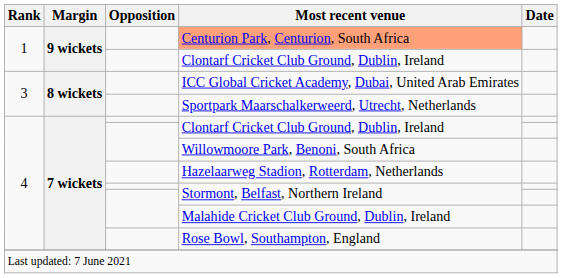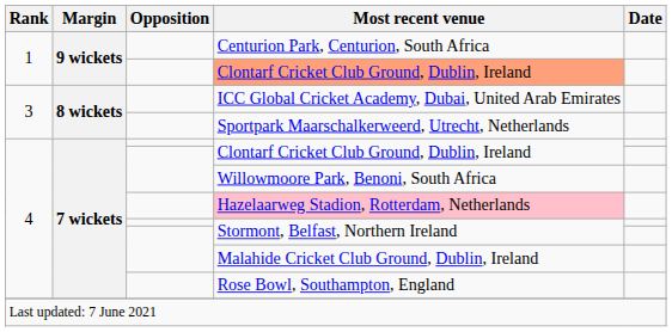 <table class="wikitable plainrowheaders sortable">
 <tr>
 <th scope=col>Rank</th>
 <th scope=col>Margin</th>
 <th scope=col>Opposition</th>
 <th scope=col>Most recent venue</th>
 <th scope=col>Date</th>
 </tr>
 <tr>
 <td align=center rowspan=2>1</td>
 <th scope=row style=text-align:center rowspan=2>9 wickets</th>
 <td></td>
-<td style="background: lightsalmon;"><a href='#'>Centurion Park</a>, <a href='#'>Centurion</a>, South Africa</td>
+<td><a href='#'>Centurion Park</a>, <a href='#'>Centurion</a>, South Africa</td>
 <td></td>
 </tr>
 <tr>
 <td></td>
-<td><a href='#'>Clontarf Cricket Club Ground</a>, <a href='#'>Dublin</a>, Ireland</td>
+<td style="background: lightsalmon;"><a href='#'>Clontarf Cricket Club Ground</a>, <a href='#'>Dublin</a>, Ireland</td>
 <td></td>
 </tr>
 <tr>
 <td align=center rowspan=2>3</td>
 <th scope=row style=text-align:center rowspan=2>8 wickets</th>
 <td></td>
 <td><a href='#'>ICC Global Cricket Academy</a>, <a href='#'>Dubai</a>, United Arab Emirates</td>
 <td></td>
 </tr>
 <tr>
 <td></td>
 <td><a href='#'>Sportpark Maarschalkerweerd</a>, <a href='#'>Utrecht</a>, Netherlands</td>
 <td></td>
 </tr>
 <tr>
 <td align=center rowspan=8>4</td>
 <th scope=row style=text-align:center rowspan=8>7 wickets</th>
 <td></td>
 <td rowspan=2><a href='#'>Clontarf Cricket Club Ground</a>, <a href='#'>Dublin</a>, Ireland</td>
 <td></td>
 </tr>
 <tr>
 <td rowspan=2></td>
 <td></td>
 </tr>
 <tr>
 <td><a href='#'>Willowmoore Park</a>, <a href='#'>Benoni</a>, South Africa</td>
 <td></td>
 </tr>
 <tr>
 <td></td>
-<td><a href='#'>Hazelaarweg Stadion</a>, <a href='#'>Rotterdam</a>, Netherlands</td>
+<td style="background: pink;"><a href='#'>Hazelaarweg Stadion</a>, <a href='#'>Rotterdam</a>, Netherlands</td>
 <td></td>
 </tr>
 <tr>
 <td></td>
 <td rowspan=2><a href='#'>Stormont</a>, <a href='#'>Belfast</a>, Northern Ireland</td>
 <td></td>
 </tr>
 <tr>
 <td rowspan=2></td>
 <td></td>
 </tr>
 <tr>
 <td><a href='#'>Malahide Cricket Club Ground</a>, <a href='#'>Dublin</a>, Ireland</td>
 <td></td>
 </tr>
 <tr>
 <td></td>
 <td><a href='#'>Rose Bowl</a>, <a href='#'>Southampton</a>, England</td>
 <td></td>
 </tr>
 <tr>
 </tr>
 <tr class=sortbottom>
 <td colspan=5><small>Last updated: 7 June 2021</small></td>
 </tr>
 </table>
